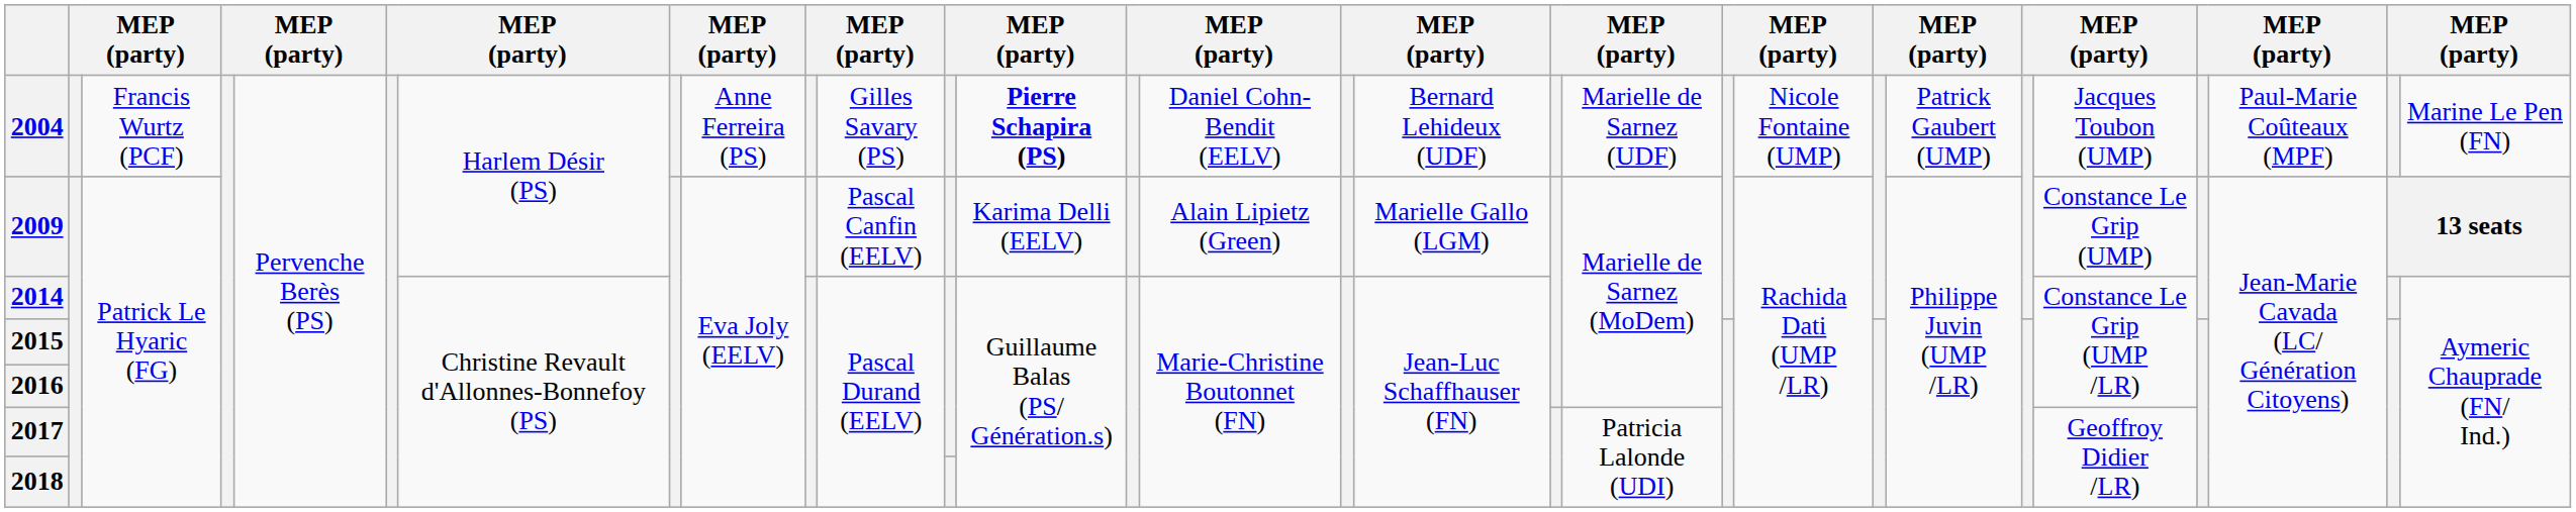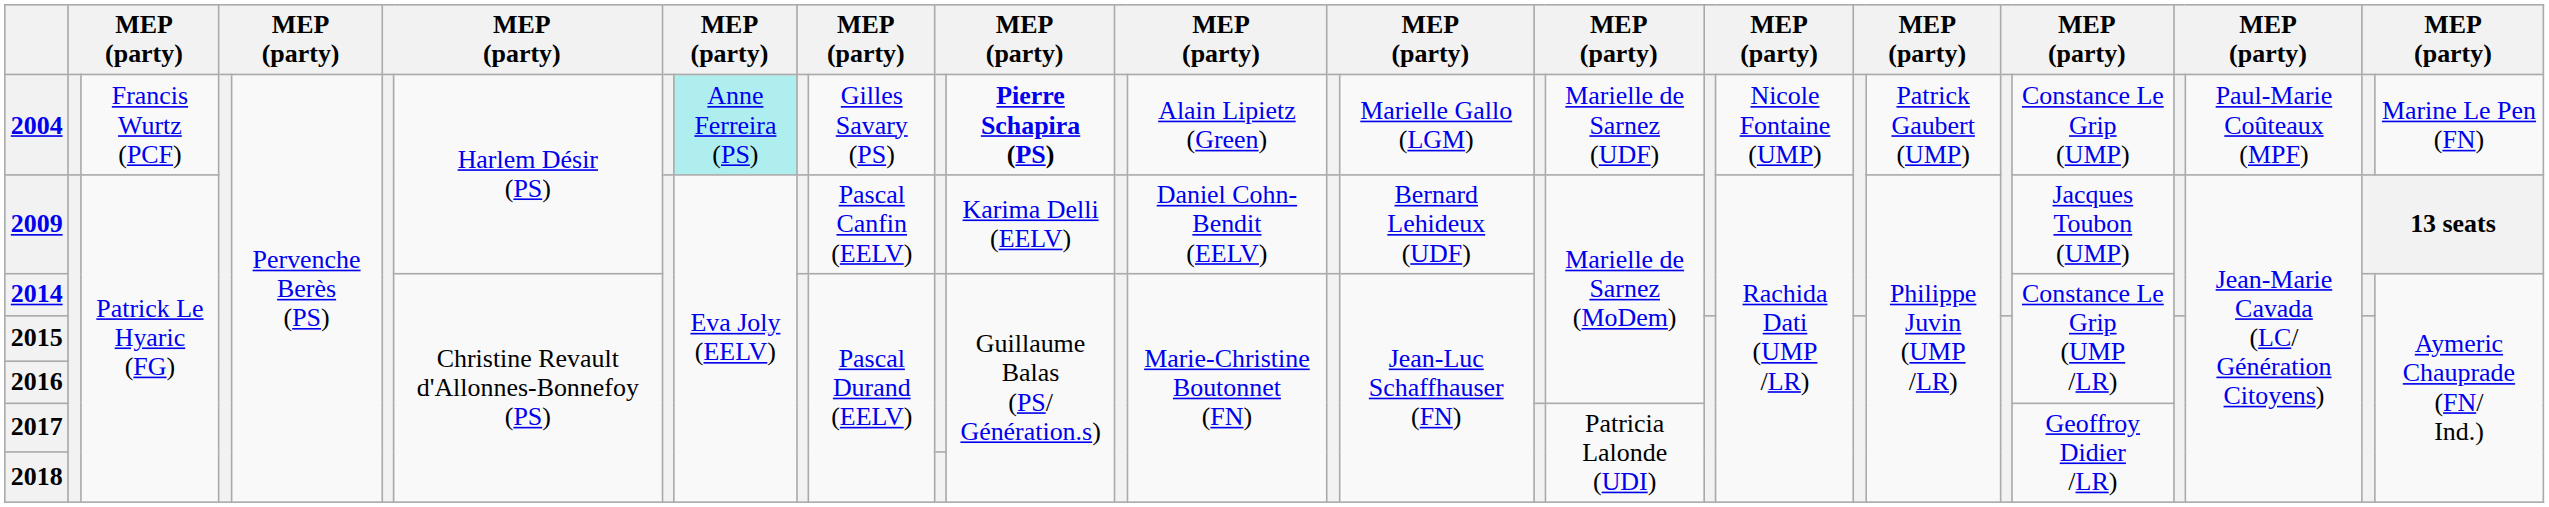 <table class="wikitable" style="text-align:center">
 <tr>
 <th></th>
 <th colspan=2>MEP<br>(party)</th>
 <th colspan=2>MEP<br>(party)</th>
 <th colspan=2>MEP<br>(party)</th>
 <th colspan=2>MEP<br>(party)</th>
 <th colspan=2>MEP<br>(party)</th>
 <th colspan=2>MEP<br>(party)</th>
 <th colspan=2>MEP<br>(party)</th>
 <th colspan=2>MEP<br>(party)</th>
 <th colspan=2>MEP<br>(party)</th>
 <th colspan=2>MEP<br>(party)</th>
 <th colspan=2>MEP<br>(party)</th>
 <th colspan=2>MEP<br>(party)</th>
 <th colspan=2>MEP<br>(party)</th>
 <th colspan=2>MEP<br>(party)</th>
 </tr>
 <tr>
 <th><a href='#'>2004</a></th>
 <th rowspan=1 style="background-color: "></th>
 <td rowspan=1><a href='#'>Francis Wurtz</a><br>(<a href='#'>PCF</a>)</td>
 <th rowspan=7 style="background-color: "></th>
 <td rowspan=7><a href='#'>Pervenche Berès</a><br>(<a href='#'>PS</a>)</td>
 <th rowspan=7 style="background-color: "></th>
 <td rowspan=2><a href='#'>Harlem Désir</a><br>(<a href='#'>PS</a>)</td>
 <th rowspan=1 style="background-color: "></th>
-<td rowspan=1><a href='#'>Anne Ferreira</a><br>(<a href='#'>PS</a>)</td>
+<td rowspan=1 style="background: paleturquoise;"><a href='#'>Anne Ferreira</a><br>(<a href='#'>PS</a>)</td>
 <th rowspan=1 style="background-color: "></th>
 <td rowspan=1><a href='#'>Gilles Savary</a><br>(<a href='#'>PS</a>)</td>
 <th rowspan=1 style="background-color: "></th>
 <td rowspan=1><strong><a href='#'>Pierre Schapira</a><br>(<a href='#'>PS</a>)</strong></td>
 <th rowspan=1 style="background-color: "></th>
-<td rowspan=1><a href='#'>Daniel Cohn-Bendit</a><br>(<a href='#'>EELV</a>)</td>
+<td rowspan=1><a href='#'>Alain Lipietz</a><br>(<a href='#'>Green</a>)</td>
 <th rowspan=1 style="background-color: "></th>
-<td rowspan=1><a href='#'>Bernard Lehideux</a><br>(<a href='#'>UDF</a>)</td>
+<td rowspan=1><a href='#'>Marielle Gallo</a><br>(<a href='#'>LGM</a>)</td>
 <th rowspan=1 style="background-color: "></th>
 <td rowspan=1><a href='#'>Marielle de Sarnez</a><br>(<a href='#'>UDF</a>)</td>
 <th rowspan=3 style="background-color: "></th>
 <td rowspan=1><a href='#'>Nicole Fontaine</a><br>(<a href='#'>UMP</a>)</td>
 <th rowspan=3 style="background-color: "></th>
 <td rowspan=1><a href='#'>Patrick Gaubert</a><br>(<a href='#'>UMP</a>)</td>
 <th rowspan=3 style="background-color: "></th>
-<td rowspan=1><a href='#'>Jacques Toubon</a><br>(<a href='#'>UMP</a>)</td>
+<td rowspan=1><a href='#'>Constance Le Grip</a><br>(<a href='#'>UMP</a>)</td>
 <th rowspan=1 style="background-color: "></th>
 <td rowspan=1><a href='#'>Paul-Marie Coûteaux</a><br>(<a href='#'>MPF</a>)</td>
 <th rowspan=1 style="background-color: "></th>
 <td rowspan=1><a href='#'>Marine Le Pen</a><br>(<a href='#'>FN</a>)</td>
 </tr>
 <tr>
 <th><a href='#'>2009</a></th>
 <th rowspan=6 style="background-color: "></th>
 <td rowspan=6><a href='#'>Patrick Le Hyaric</a><br>(<a href='#'>FG</a>)</td>
 <th rowspan=6 style="background-color: "></th>
 <td rowspan=6><a href='#'>Eva Joly</a><br>(<a href='#'>EELV</a>)</td>
 <th rowspan=1 style="background-color: "></th>
 <td rowspan=1><a href='#'>Pascal Canfin</a><br>(<a href='#'>EELV</a>)</td>
 <th rowspan=1 style="background-color: "></th>
 <td rowspan=1><a href='#'>Karima Delli</a><br>(<a href='#'>EELV</a>)</td>
 <th rowspan=1 style="background-color: "></th>
-<td rowspan=1><a href='#'>Alain Lipietz</a><br>(<a href='#'>Green</a>)</td>
+<td rowspan=1><a href='#'>Daniel Cohn-Bendit</a><br>(<a href='#'>EELV</a>)</td>
 <th rowspan=1 style="background-color: "></th>
-<td rowspan=1><a href='#'>Marielle Gallo</a><br>(<a href='#'>LGM</a>)</td>
+<td rowspan=1><a href='#'>Bernard Lehideux</a><br>(<a href='#'>UDF</a>)</td>
 <th rowspan=4 style="background-color: "></th>
 <td rowspan=4><a href='#'>Marielle de Sarnez</a><br>(<a href='#'>MoDem</a>)</td>
 <td rowspan=6><a href='#'>Rachida Dati</a><br>(<a href='#'>UMP</a><br>/<a href='#'>LR</a>)</td>
 <td rowspan=6><a href='#'>Philippe Juvin</a><br>(<a href='#'>UMP</a><br>/<a href='#'>LR</a>)</td>
-<td rowspan=1><a href='#'>Constance Le Grip</a><br>(<a href='#'>UMP</a>)</td>
+<td rowspan=1><a href='#'>Jacques Toubon</a><br>(<a href='#'>UMP</a>)</td>
 <th rowspan=2 style="background-color: "></th>
 <td rowspan=6><a href='#'>Jean-Marie Cavada</a><br>(<a href='#'>LC</a>/<br><a href='#'>Génération Citoyens</a>)</td>
 <th colspan=2; rowspan=1>13 seats</th>
 </tr>
 <tr>
 <th><a href='#'>2014</a></th>
 <td rowspan=5>Christine Revault d'Allonnes-Bonnefoy<br>(<a href='#'>PS</a>)</td>
 <th rowspan=5 style="background-color: "></th>
 <td rowspan=5><a href='#'>Pascal Durand</a><br>(<a href='#'>EELV</a>)</td>
 <th rowspan=4 style="background-color: "></th>
 <td rowspan=5>Guillaume Balas<br>(<a href='#'>PS</a>/<br><a href='#'>Génération.s</a>)</td>
 <th rowspan=5 style="background-color: "></th>
 <td rowspan=5><a href='#'>Marie-Christine Boutonnet</a><br>(<a href='#'>FN</a>)</td>
 <th rowspan=5 style="background-color: "></th>
 <td rowspan=5><a href='#'>Jean-Luc Schaffhauser</a><br>(<a href='#'>FN</a>)</td>
 <td rowspan=3><a href='#'>Constance Le Grip</a><br>(<a href='#'>UMP</a><br>/<a href='#'>LR</a>)</td>
 <th rowspan=1 style="background-color: "></th>
 <td rowspan=5><a href='#'>Aymeric Chauprade</a><br>(<a href='#'>FN</a>/<br>Ind.)</td>
 </tr>
 <tr>
 <th>2015</th>
 <th rowspan=4 style="background-color: "></th>
 <th rowspan=4 style="background-color: "></th>
 <th rowspan=4 style="background-color: "></th>
 <th rowspan=4 style="background-color: "></th>
 <th rowspan=4 style="background-color: "></th>
 </tr>
 <tr>
 <th>2016</th>
 </tr>
 <tr>
 <th>2017</th>
 <th rowspan=2 style="background-color: "></th>
 <td rowspan=2>Patricia Lalonde<br>(<a href='#'>UDI</a>)</td>
 <td rowspan=2><a href='#'>Geoffroy Didier</a><br>/<a href='#'>LR</a>)</td>
 </tr>
 <tr>
 <th>2018</th>
 <th rowspan=1 style="background-color: "></th>
 </tr>
 </table>
